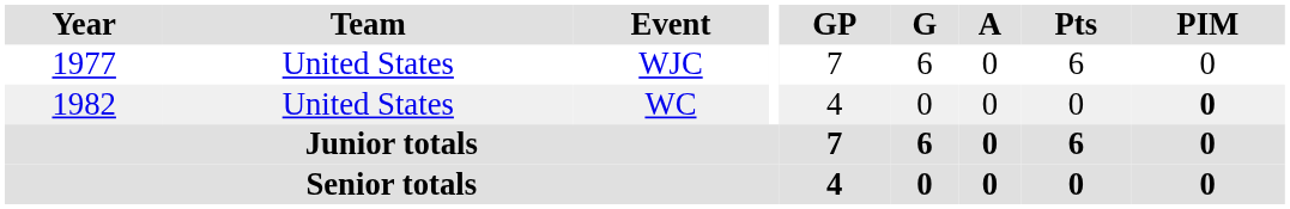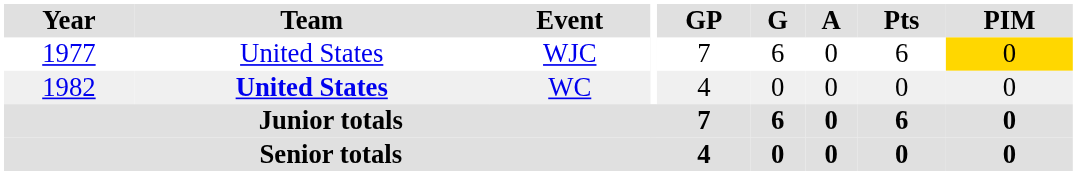 <table border="0" cellpadding="1" cellspacing="0" ID="Table3" style="text-align:center; width:40em">
 <tr bgcolor="#e0e0e0">
 <th>Year</th>
 <th>Team</th>
 <th>Event</th>
 <th rowspan="102" bgcolor="#ffffff"></th>
 <th>GP</th>
 <th>G</th>
 <th>A</th>
 <th>Pts</th>
 <th>PIM</th>
 </tr>
 <tr>
 <td><a href='#'>1977</a></td>
 <td><a href='#'>United States</a></td>
 <td><a href='#'>WJC</a></td>
 <td>7</td>
 <td>6</td>
 <td>0</td>
 <td>6</td>
-<td>0</td>
+<td style="background: gold;">0</td>
 </tr>
 <tr bgcolor="#f0f0f0">
 <td><a href='#'>1982</a></td>
-<td><a href='#'>United States</a></td>
+<td><strong><a href='#'>United States</a></strong></td>
 <td><a href='#'>WC</a></td>
 <td>4</td>
 <td>0</td>
 <td>0</td>
 <td>0</td>
-<td><strong>0</strong></td>
+<td>0</td>
 </tr>
 <tr bgcolor="#e0e0e0">
 <th colspan="4">Junior totals</th>
 <th>7</th>
 <th>6</th>
 <th>0</th>
 <th>6</th>
 <th>0</th>
 </tr>
 <tr bgcolor="#e0e0e0">
 <th colspan="4">Senior totals</th>
 <th>4</th>
 <th>0</th>
 <th>0</th>
 <th>0</th>
 <th>0</th>
 </tr>
 </table>
